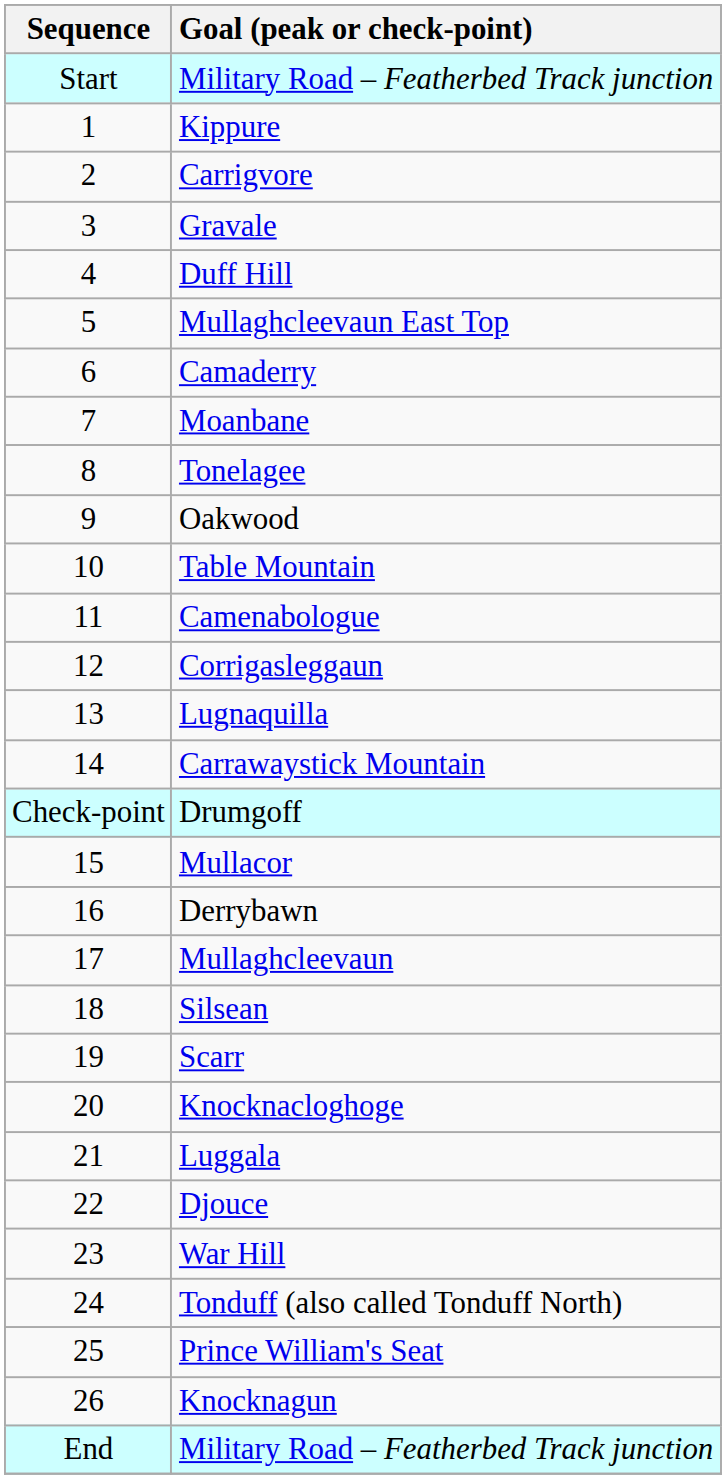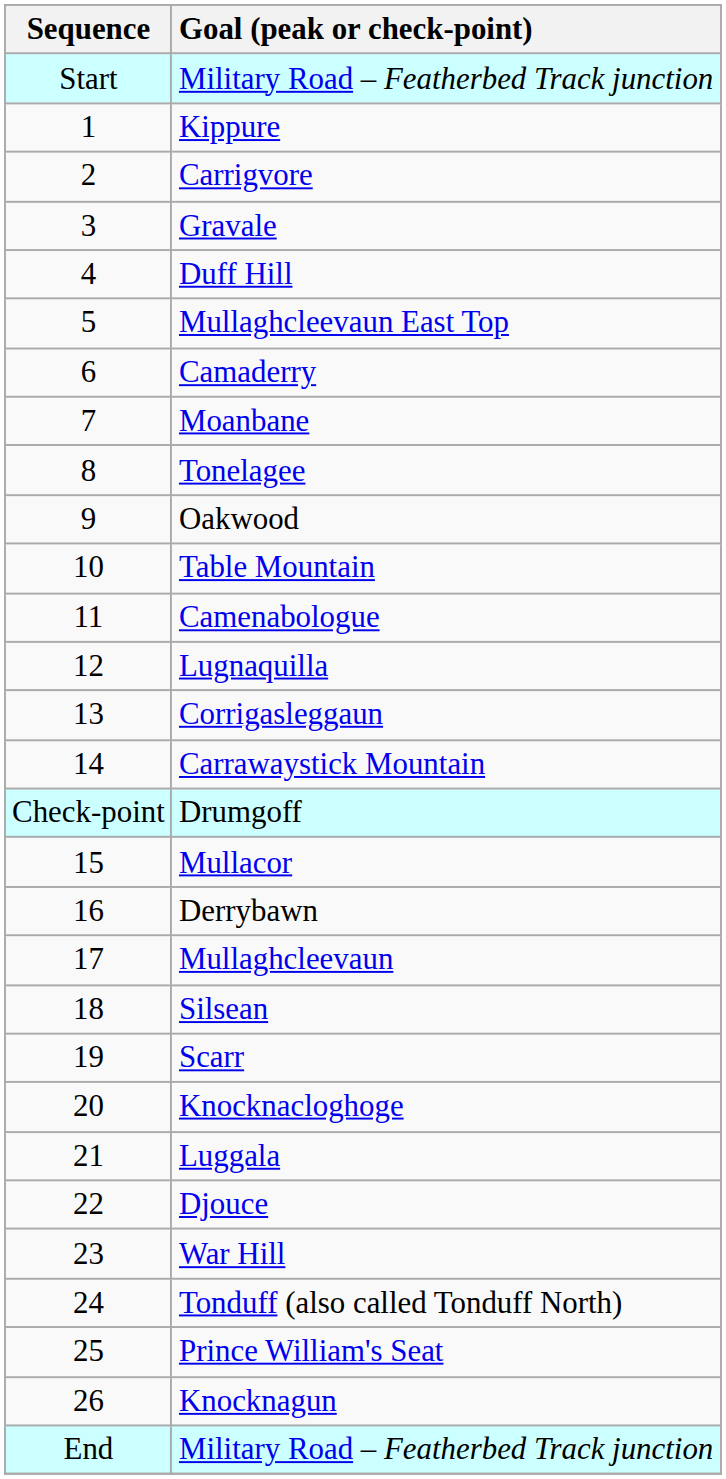 <table class="wikitable">
 <tr>
 <th style="text-align:center">Sequence</th>
 <th style="text-align:left">Goal (peak or check-point)</th>
 </tr>
 <tr>
 <td style="background:#cff;text-align:center">Start</td>
 <td style="background:#cff;text-align:left"><a href='#'>Military Road</a> – <em>Featherbed Track junction</em></td>
 </tr>
 <tr>
 <td align="center">1</td>
 <td align="left"><a href='#'>Kippure</a></td>
 </tr>
 <tr>
 <td align="center">2</td>
 <td align="left"><a href='#'>Carrigvore</a></td>
 </tr>
 <tr>
 <td align="center">3</td>
 <td align="left"><a href='#'>Gravale</a></td>
 </tr>
 <tr>
 <td align="center">4</td>
 <td align="left"><a href='#'>Duff Hill</a></td>
 </tr>
 <tr>
 <td align="center">5</td>
 <td align="left"><a href='#'>Mullaghcleevaun East Top</a></td>
 </tr>
 <tr>
 <td align="center">6</td>
 <td align="left"><a href='#'>Camaderry</a></td>
 </tr>
 <tr>
 <td align="center">7</td>
 <td align="left"><a href='#'>Moanbane</a></td>
 </tr>
 <tr>
 <td align="center">8</td>
 <td align="left"><a href='#'>Tonelagee</a></td>
 </tr>
 <tr>
 <td align="center">9</td>
 <td align="left">Oakwood</td>
 </tr>
 <tr>
 <td align="center">10</td>
 <td align="left"><a href='#'>Table Mountain</a></td>
 </tr>
 <tr>
 <td align="center">11</td>
 <td align="left"><a href='#'>Camenabologue</a></td>
 </tr>
 <tr>
 <td align="center">12</td>
-<td align="left"><a href='#'>Corrigasleggaun</a></td>
+<td align="left"><a href='#'>Lugnaquilla</a></td>
 </tr>
 <tr>
 <td align="center">13</td>
-<td align="left"><a href='#'>Lugnaquilla</a></td>
+<td align="left"><a href='#'>Corrigasleggaun</a></td>
 </tr>
 <tr>
 <td align="center">14</td>
 <td align="left"><a href='#'>Carrawaystick Mountain</a></td>
 </tr>
 <tr>
 <td style="background:#cff;text-align:center">Check-point</td>
 <td style="background:#cff;text-align:left">Drumgoff</td>
 </tr>
 <tr>
 <td align="center">15</td>
 <td align="left"><a href='#'>Mullacor</a></td>
 </tr>
 <tr>
 <td align="center">16</td>
 <td align="left">Derrybawn</td>
 </tr>
 <tr>
 <td align="center">17</td>
 <td align="left"><a href='#'>Mullaghcleevaun</a></td>
 </tr>
 <tr>
 <td align="center">18</td>
 <td align="left"><a href='#'>Silsean</a></td>
 </tr>
 <tr>
 <td align="center">19</td>
 <td align="left"><a href='#'>Scarr</a></td>
 </tr>
 <tr>
 <td align="center">20</td>
 <td align="left"><a href='#'>Knocknacloghoge</a></td>
 </tr>
 <tr>
 <td align="center">21</td>
 <td align="left"><a href='#'>Luggala</a></td>
 </tr>
 <tr>
 <td align="center">22</td>
 <td align="left"><a href='#'>Djouce</a></td>
 </tr>
 <tr>
 <td align="center">23</td>
 <td align="left"><a href='#'>War Hill</a></td>
 </tr>
 <tr>
 <td align="center">24</td>
 <td align="left"><a href='#'>Tonduff</a> (also called Tonduff North)</td>
 </tr>
 <tr>
 <td align="center">25</td>
 <td align="left"><a href='#'>Prince William's Seat</a></td>
 </tr>
 <tr>
 <td align="center">26</td>
 <td align="left"><a href='#'>Knocknagun</a></td>
 </tr>
 <tr>
 <td style="background:#cff;text-align:center">End</td>
 <td style="background:#cff;text-align:left"><a href='#'>Military Road</a> – <em>Featherbed Track junction</em></td>
 </tr>
 <tr>
 </tr>
 </table>
